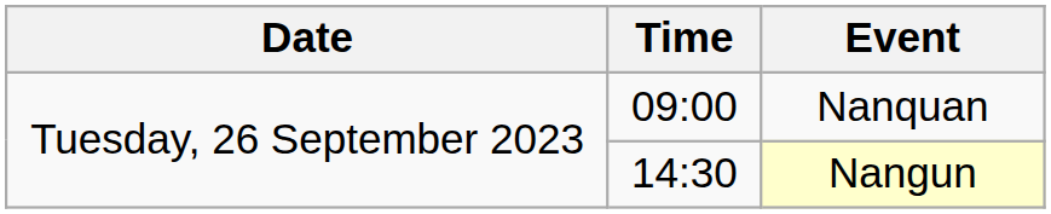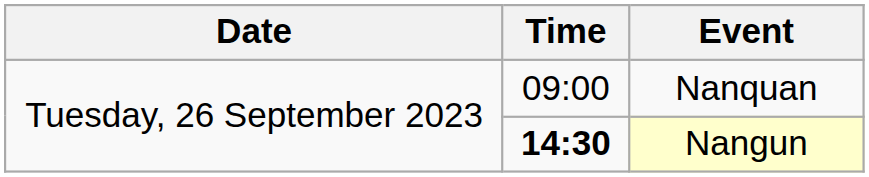 <table class=wikitable style="text-align:center;">
 <tr>
 <th width=220>Date</th>
 <th width=50>Time</th>
 <th width=100>Event</th>
 </tr>
 <tr>
 <td rowspan=2>Tuesday, 26 September 2023</td>
 <td>09:00</td>
 <td>Nanquan</td>
 </tr>
 <tr>
-<td>14:30</td>
+<td><strong>14:30</strong></td>
 <td bgcolor="ffffcc">Nangun</td>
 </tr>
 </table>
